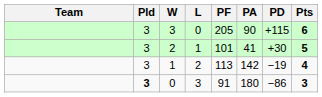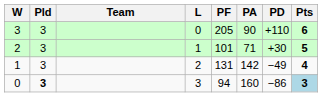 <table class=wikitable style="text-align:center">
 <tr>
+<th width=30>W</th>
+<th width=30>Pld</th>
 <th width=180>Team</th>
-<th width=30>Pld</th>
-<th width=30>W</th>
 <th width=30>L</th>
 <th width=30>PF</th>
 <th width=30>PA</th>
 <th width=30>PD</th>
 <th width=30>Pts</th>
 </tr>
 <tr align=center bgcolor="#ccffcc">
-<td align=left></td>
 <td>3</td>
 <td>3</td>
+<td align=left></td>
 <td>0</td>
 <td>205</td>
 <td>90</td>
-<td>+115</td>
+<td>+110</td>
 <td><strong>6</strong></td>
 </tr>
 <tr align=center bgcolor="#ccffcc">
+<td>2</td>
+<td>3</td>
 <td align=left></td>
-<td>3</td>
-<td>2</td>
 <td>1</td>
 <td>101</td>
-<td>41</td>
+<td>71</td>
 <td>+30</td>
 <td><strong>5</strong></td>
 </tr>
 <tr align=center>
+<td>1</td>
+<td>3</td>
 <td align=left></td>
-<td>3</td>
-<td>1</td>
 <td>2</td>
-<td>113</td>
+<td>131</td>
 <td>142</td>
-<td>−19</td>
+<td>−49</td>
 <td><strong>4</strong></td>
 </tr>
 <tr align=center>
+<td>0</td>
+<td><strong>3</strong></td>
 <td align=left></td>
-<td><strong>3</strong></td>
-<td>0</td>
 <td>3</td>
-<td>91</td>
-<td>180</td>
+<td>94</td>
+<td>160</td>
 <td>−86</td>
-<td><strong>3</strong></td>
+<td style="background: lightblue;"><strong>3</strong></td>
 </tr>
 </table>
